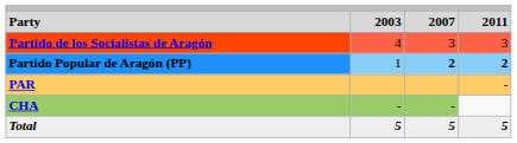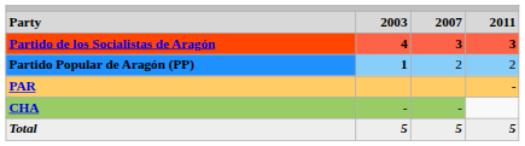 <table class="wikitable" style="margin:0 auto">
 <tr>
 <td colspan="9" width="600px" bgcolor="#C0C0C0"></td>
 </tr>
 <tr bgcolor="#D8D8D8">
 <td><strong>Party</strong></td>
 <td align="right"><strong>2003</strong></td>
 <td align="right"><strong>2007</strong></td>
 <td align="right"><strong>2011</strong></td>
 </tr>
 <tr>
 <td bgcolor="#FF4500"><strong><a href='#'>Partido de los Socialistas de Aragón</a></strong></td>
-<td bgcolor="#FF6347" align="right">4</td>
-<td bgcolor="#FF6347" align="right">3</td>
-<td bgcolor="#FF6347" align="right">3</td>
+<td bgcolor="#FF6347" align="right"><strong>4</strong></td>
+<td bgcolor="#FF6347" align="right"><strong>3</strong></td>
+<td bgcolor="#FF6347" align="right"><strong>3</strong></td>
 </tr>
 <tr>
 <td bgcolor="#1E90FF"><strong>Partido Popular de Aragón (PP)</strong></td>
-<td bgcolor="#87CEFA" align="right">1</td>
-<td bgcolor="#87CEFA" align="right"><strong>2</strong></td>
-<td bgcolor="#87CEFA" align="right"><strong>2</strong></td>
+<td bgcolor="#87CEFA" align="right"><strong>1</strong></td>
+<td bgcolor="#87CEFA" align="right">2</td>
+<td bgcolor="#87CEFA" align="right">2</td>
 </tr>
 <tr>
 <td bgcolor="#FFCC66"><strong><a href='#'>PAR</a></strong></td>
 <td bgcolor="#FFCC66" align="right"></td>
 <td bgcolor="#FFCC66" align="right"></td>
 <td bgcolor="#FFCC66" align="right">-</td>
 </tr>
 <tr>
 <td bgcolor="#99CC66"><strong><a href='#'>CHA</a></strong></td>
 <td bgcolor="#99CC66"  align="right">-</td>
 <td bgcolor="#99CC66"  align="right">-</td>
 <td></td>
 </tr>
 <tr bgcolor="#EEEEEE">
 <td><strong><em>Total</em></strong></td>
 <td align="right"><strong><em>5</em></strong></td>
 <td align="right"><strong><em>5</em></strong></td>
 <td align="right"><strong><em>5</em></strong></td>
 </tr>
 </table>
